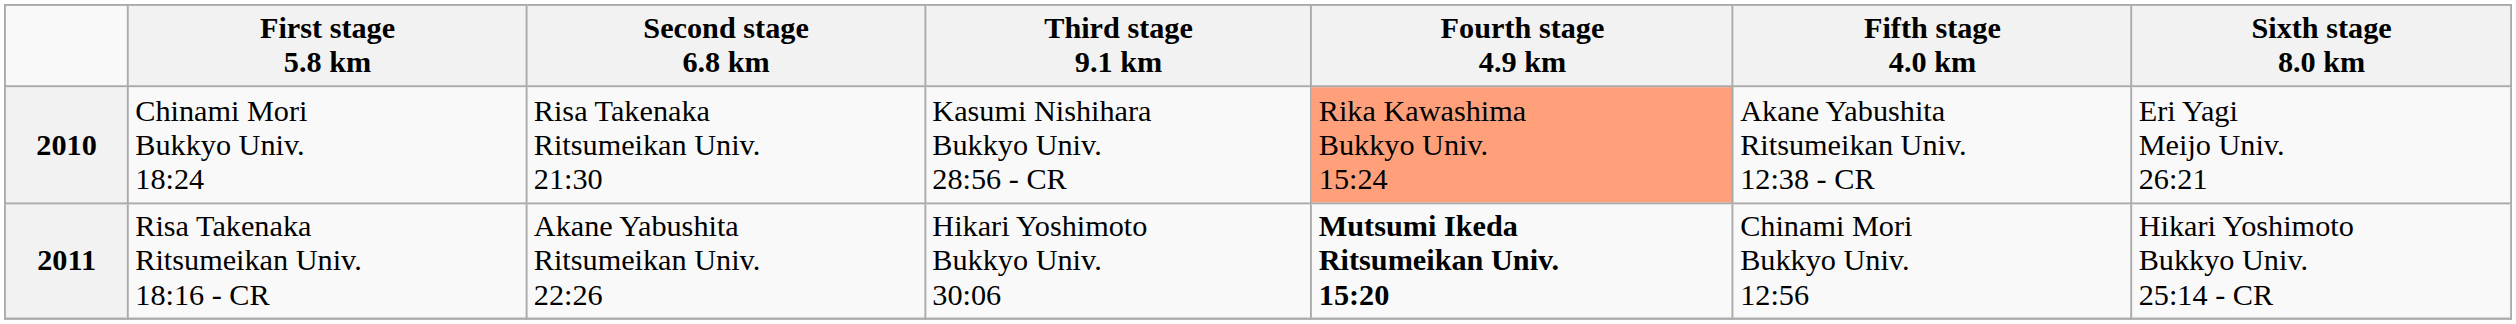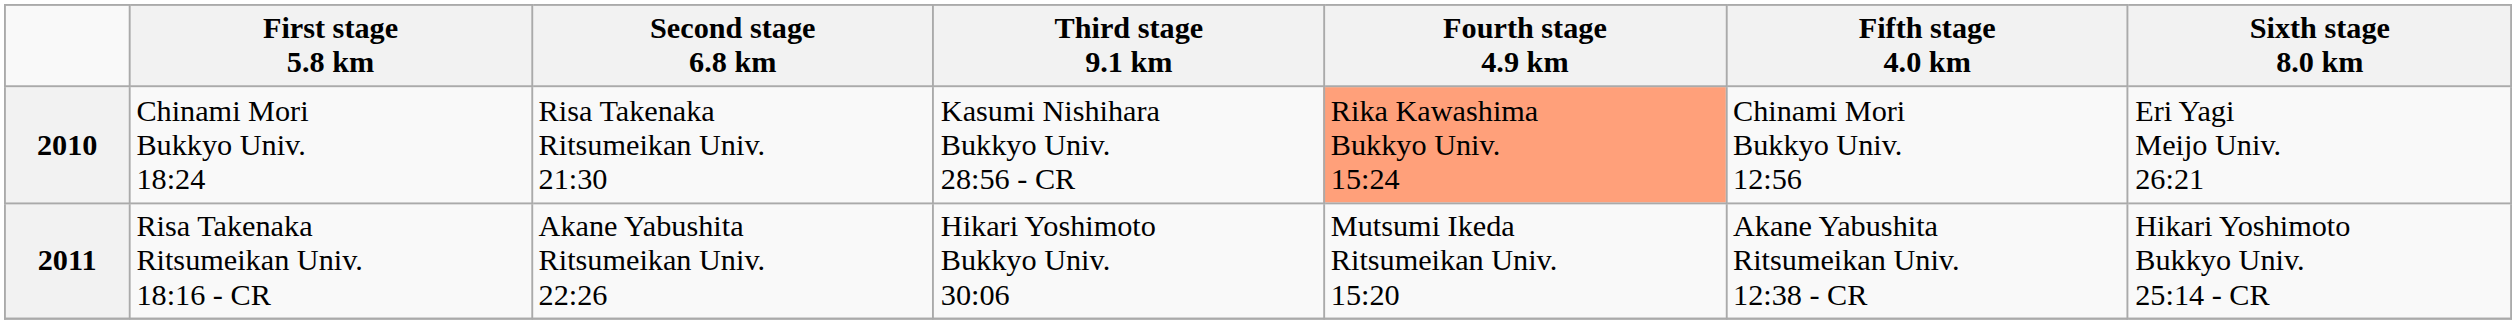 <table class="wikitable" style="text-align:left; width:105%; align:top;">
 <tr>
 <td></td>
 <th scope="col">First stage<br>5.8 km</th>
 <th scope="col">Second stage<br>6.8 km</th>
 <th scope="col">Third stage<br>9.1 km</th>
 <th scope="col">Fourth stage<br>4.9 km</th>
 <th scope="col">Fifth stage<br>4.0 km</th>
 <th scope="col">Sixth stage<br>8.0 km</th>
 </tr>
 <tr>
 <th scope="row">2010</th>
 <td>Chinami Mori<br>Bukkyo Univ.<br>18:24</td>
 <td>Risa Takenaka<br>Ritsumeikan Univ.<br>21:30</td>
 <td>Kasumi Nishihara<br>Bukkyo Univ.<br>28:56 - CR</td>
 <td style="background: lightsalmon;">Rika Kawashima<br>Bukkyo Univ.<br>15:24</td>
-<td>Akane Yabushita<br>Ritsumeikan Univ.<br>12:38 - CR</td>
+<td>Chinami Mori<br>Bukkyo Univ.<br>12:56</td>
 <td>Eri Yagi<br>Meijo Univ.<br>26:21</td>
 </tr>
 <tr>
 <th scope="row">2011</th>
 <td>Risa Takenaka<br>Ritsumeikan Univ.<br>18:16 - CR</td>
 <td>Akane Yabushita<br>Ritsumeikan Univ.<br>22:26</td>
 <td>Hikari Yoshimoto<br>Bukkyo Univ.<br>30:06</td>
-<td><strong>Mutsumi Ikeda<br>Ritsumeikan Univ.<br>15:20</strong></td>
-<td>Chinami Mori<br>Bukkyo Univ.<br>12:56</td>
+<td>Mutsumi Ikeda<br>Ritsumeikan Univ.<br>15:20</td>
+<td>Akane Yabushita<br>Ritsumeikan Univ.<br>12:38 - CR</td>
 <td>Hikari Yoshimoto<br>Bukkyo Univ.<br>25:14 - CR</td>
 </tr>
 <tr>
 </tr>
 </table>
